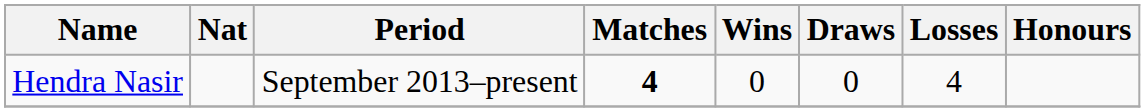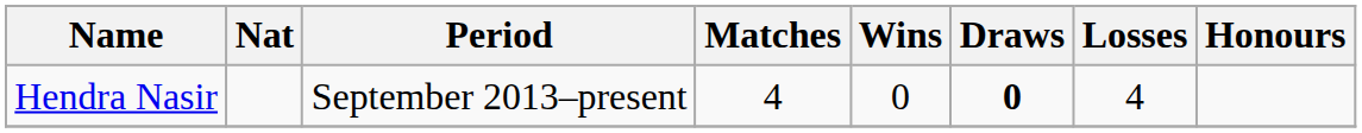 <table class="wikitable">
 <tr>
 <th>Name</th>
 <th>Nat</th>
 <th>Period</th>
 <th>Matches</th>
 <th>Wins</th>
 <th>Draws</th>
 <th>Losses</th>
 <th>Honours</th>
 </tr>
 <tr>
 <td><a href='#'>Hendra Nasir</a></td>
 <td align="center"></td>
 <td align="center">September 2013–present</td>
-<td align="center"><strong>4</strong></td>
+<td align="center">4</td>
 <td align="center">0</td>
-<td align="center">0</td>
+<td align="center"><strong>0</strong></td>
 <td align="center">4</td>
 <td></td>
 </tr>
 <tr>
 </tr>
 </table>
